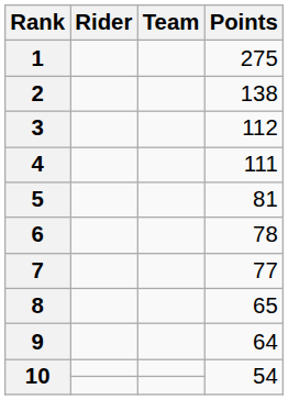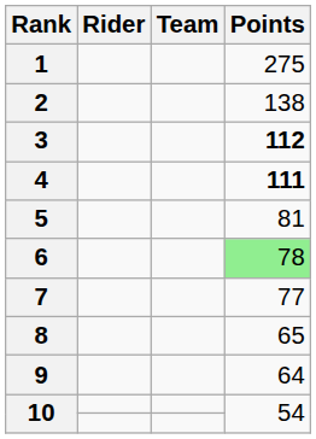 <table class="wikitable">
 <tr>
 <th scope="col">Rank</th>
 <th scope="col">Rider</th>
 <th scope="col">Team</th>
 <th scope="col">Points</th>
 </tr>
 <tr>
 <th scope="row">1</th>
 <td></td>
 <td></td>
 <td style="text-align:right;">275</td>
 </tr>
 <tr>
 <th scope="row">2</th>
 <td></td>
 <td></td>
 <td style="text-align:right;">138</td>
 </tr>
 <tr>
 <th scope="row">3</th>
 <td></td>
 <td></td>
-<td style="text-align:right;">112</td>
+<td style="text-align:right;"><strong>112</strong></td>
 </tr>
 <tr>
 <th scope="row">4</th>
 <td></td>
 <td></td>
-<td style="text-align:right;">111</td>
+<td style="text-align:right;"><strong>111</strong></td>
 </tr>
 <tr>
 <th scope="row">5</th>
 <td></td>
 <td></td>
 <td style="text-align:right;">81</td>
 </tr>
 <tr>
 <th scope="row">6</th>
 <td></td>
 <td></td>
-<td style="text-align:right;">78</td>
+<td style="background: lightgreen; text-align:right;">78</td>
 </tr>
 <tr>
 <th scope="row">7</th>
 <td></td>
 <td></td>
 <td style="text-align:right;">77</td>
 </tr>
 <tr>
 <th scope="row">8</th>
 <td></td>
 <td></td>
 <td style="text-align:right;">65</td>
 </tr>
 <tr>
 <th scope="row">9</th>
 <td></td>
 <td></td>
 <td style="text-align:right;">64</td>
 </tr>
 <tr>
 <th scope="row" rowspan="2">10</th>
 <td></td>
 <td></td>
 <td style="text-align:right;" rowspan="2">54</td>
 </tr>
 <tr>
 <td></td>
 <td></td>
 </tr>
 </table>
